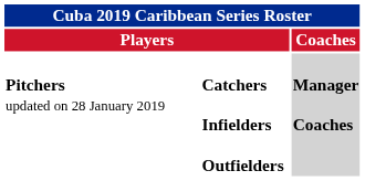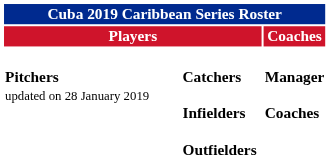 <table class="toccolours" style="font-size: 95%;">
 <tr>
 <th colspan="10" style="background-color: #002A8F;color:white;text-align:center;">Cuba 2019 Caribbean Series Roster</th>
 </tr>
 <tr>
 <th colspan="4" style="background-color: #CF142B; color: #FFFFFF">Players</th>
 <th colspan="1" style="background-color: #CF142B; color: #FFFFFF">Coaches</th>
 </tr>
 <tr>
 <td style="vertical-align:top;text-align:left;"><br><strong>Pitchers</strong><br>             <small><span></span> updated on 28 January 2019</small></td>
 <td width="25px"></td>
 <td style="vertical-align:top;text-align:left;"><br><strong>Catchers</strong><br> <br><strong>Infielders</strong><br>      <br><strong>Outfielders</strong><br>     </td>
 <td style="vertical-align:top;text-align:left;"></td>
-<td style="background: lightgrey; vertical-align:top;text-align:left;"><br><strong>Manager</strong><br><br><strong>Coaches</strong></td>
+<td style="vertical-align:top;text-align:left;"><br><strong>Manager</strong><br><br><strong>Coaches</strong></td>
 </tr>
 </table>
